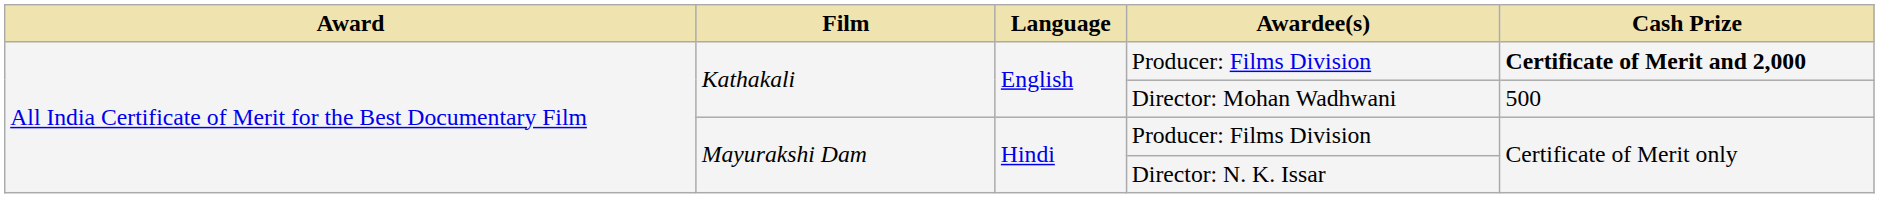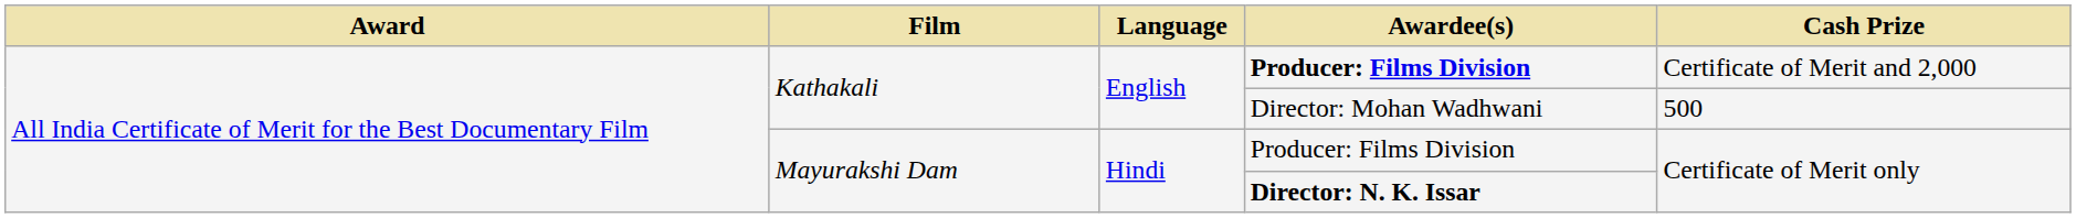 <table class="wikitable sortable" style="width:100%">
 <tr>
 <th style="background-color:#EFE4B0;width:37%;">Award</th>
 <th style="background-color:#EFE4B0;width:16%;">Film</th>
 <th style="background-color:#EFE4B0;width:7%;">Language</th>
 <th style="background-color:#EFE4B0;width:20%;">Awardee(s)</th>
 <th style="background-color:#EFE4B0;width:20%;">Cash Prize</th>
 </tr>
 <tr style="background-color:#F4F4F4">
 <td rowspan="4"><a href='#'>All India Certificate of Merit for the Best Documentary Film</a></td>
 <td rowspan="2"><em>Kathakali</em></td>
 <td rowspan="2"><a href='#'>English</a></td>
-<td>Producer: <a href='#'>Films Division</a></td>
-<td><strong>Certificate of Merit and 2,000</strong></td>
+<td><strong>Producer: <a href='#'>Films Division</a></strong></td>
+<td>Certificate of Merit and 2,000</td>
 </tr>
 <tr style="background-color:#F4F4F4">
 <td>Director: Mohan Wadhwani</td>
 <td>500</td>
 </tr>
 <tr style="background-color:#F4F4F4">
 <td rowspan="2"><em>Mayurakshi Dam</em></td>
 <td rowspan="2"><a href='#'>Hindi</a></td>
 <td>Producer: Films Division</td>
 <td rowspan="2">Certificate of Merit only</td>
 </tr>
 <tr style="background-color:#F4F4F4">
-<td>Director: N. K. Issar</td>
+<td><strong>Director: N. K. Issar</strong></td>
 </tr>
 </table>
